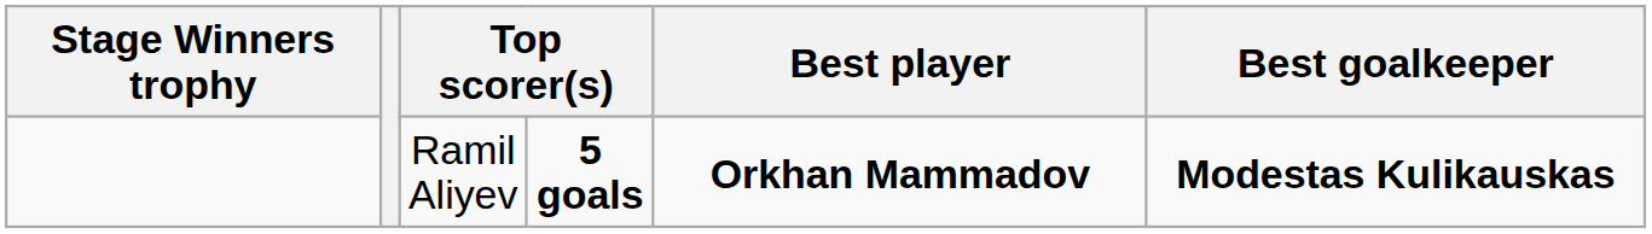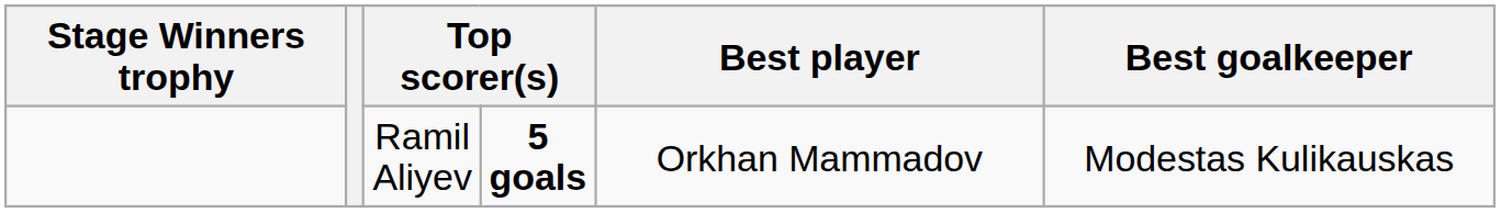 <table class="wikitable" style="text-align: center; font-size: 95%;">
 <tr>
 <th width=150>Stage Winners trophy</th>
 <th rowspan=2></th>
 <th width=200 colspan=2>Top scorer(s)</th>
 <th width=200>Best player</th>
 <th width=200>Best goalkeeper</th>
 </tr>
 <tr align=center style="background:">
 <td style="text-align:center;"></td>
 <td> Ramil Aliyev</td>
 <td><strong>5 goals</strong></td>
-<td><strong> Orkhan Mammadov</strong></td>
-<td><strong> Modestas Kulikauskas</strong></td>
+<td> Orkhan Mammadov</td>
+<td> Modestas Kulikauskas</td>
 </tr>
 </table>
